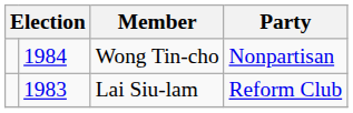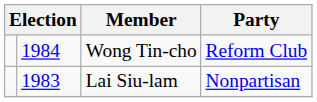 <table class="wikitable">
 <tr>
 <th colspan="2">Election</th>
 <th>Member</th>
 <th>Party</th>
 </tr>
 <tr>
 <td style="background-color: "></td>
 <td><a href='#'>1984</a></td>
 <td>Wong Tin-cho</td>
-<td><a href='#'>Nonpartisan</a></td>
+<td><a href='#'>Reform Club</a></td>
 </tr>
 <tr>
 <td style="background-color: "></td>
 <td><a href='#'>1983</a></td>
 <td>Lai Siu-lam</td>
-<td><a href='#'>Reform Club</a></td>
+<td><a href='#'>Nonpartisan</a></td>
 </tr>
 <tr>
 </tr>
 </table>
